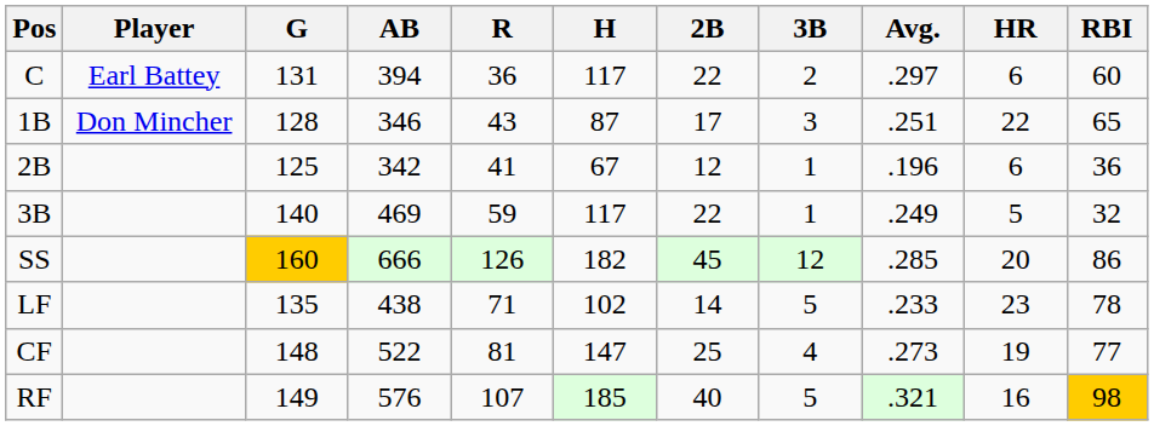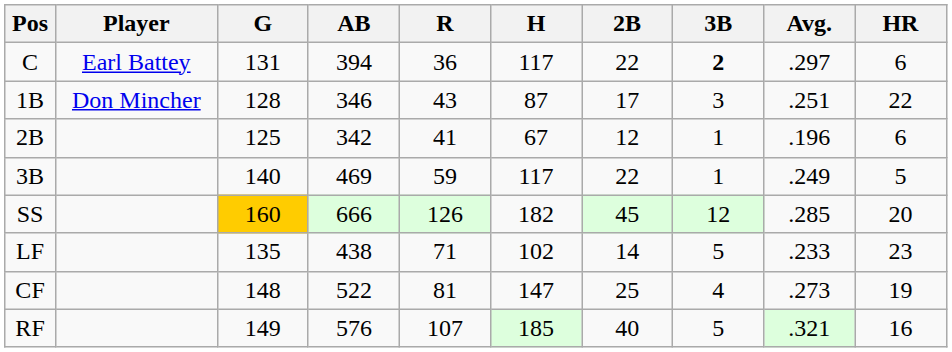 <table class="wikitable sortable">
 <tr>
 <th bgcolor="#DDDDFF" width="5%">Pos</th>
 <th bgcolor="#DDDDFF" width="16%">Player</th>
 <th bgcolor="#DDDDFF" width="9%">G</th>
 <th bgcolor="#DDDDFF" width="9%">AB</th>
 <th bgcolor="#DDDDFF" width="9%">R</th>
 <th bgcolor="#DDDDFF" width="9%">H</th>
 <th bgcolor="#DDDDFF" width="9%">2B</th>
 <th bgcolor="#DDDDFF" width="9%">3B</th>
 <th bgcolor="#DDDDFF" width="9%">Avg.</th>
 <th bgcolor="#DDDDFF" width="9%">HR</th>
-<th bgcolor="#DDDDFF" width="9%">RBI</th>
 </tr>
 <tr align="center">
 <td>C</td>
 <td><a href='#'>Earl Battey</a></td>
 <td>131</td>
 <td>394</td>
 <td>36</td>
 <td>117</td>
 <td>22</td>
-<td>2</td>
+<td><strong>2</strong></td>
 <td>.297</td>
 <td>6</td>
-<td>60</td>
 </tr>
 <tr align=center>
 <td>1B</td>
 <td><a href='#'>Don Mincher</a></td>
 <td>128</td>
 <td>346</td>
 <td>43</td>
 <td>87</td>
 <td>17</td>
 <td>3</td>
 <td>.251</td>
 <td>22</td>
-<td>65</td>
 </tr>
 <tr align=center>
 <td>2B</td>
 <td></td>
 <td>125</td>
 <td>342</td>
 <td>41</td>
 <td>67</td>
 <td>12</td>
 <td>1</td>
 <td>.196</td>
 <td>6</td>
-<td>36</td>
 </tr>
 <tr align="center">
 <td>3B</td>
 <td></td>
 <td>140</td>
 <td>469</td>
 <td>59</td>
 <td>117</td>
 <td>22</td>
 <td>1</td>
 <td>.249</td>
 <td>5</td>
-<td>32</td>
 </tr>
 <tr align="center">
 <td>SS</td>
 <td></td>
 <td bgcolor="#FFCC00">160</td>
 <td bgcolor="#DDFFDD">666</td>
 <td style="background:#DDFFDD;">126</td>
 <td>182</td>
 <td style="background:#DDFFDD;">45</td>
 <td style="background:#DDFFDD;">12</td>
 <td>.285</td>
 <td>20</td>
-<td>86</td>
 </tr>
 <tr align="center">
 <td>LF</td>
 <td></td>
 <td>135</td>
 <td>438</td>
 <td>71</td>
 <td>102</td>
 <td>14</td>
 <td>5</td>
 <td>.233</td>
 <td>23</td>
-<td>78</td>
 </tr>
 <tr align="center">
 <td>CF</td>
 <td></td>
 <td>148</td>
 <td>522</td>
 <td>81</td>
 <td>147</td>
 <td>25</td>
 <td>4</td>
 <td>.273</td>
 <td>19</td>
-<td>77</td>
 </tr>
 <tr align="center">
 <td>RF</td>
 <td></td>
 <td>149</td>
 <td>576</td>
 <td>107</td>
 <td bgcolor="#DDFFDD">185</td>
 <td>40</td>
 <td>5</td>
 <td bgcolor="#DDFFDD">.321</td>
 <td>16</td>
-<td bgcolor="#FFCC00">98</td>
 </tr>
 </table>
